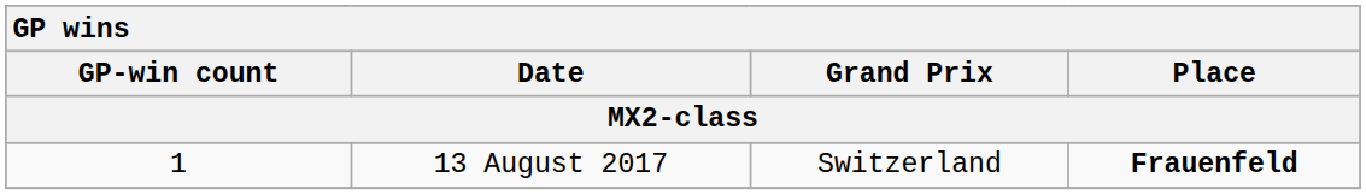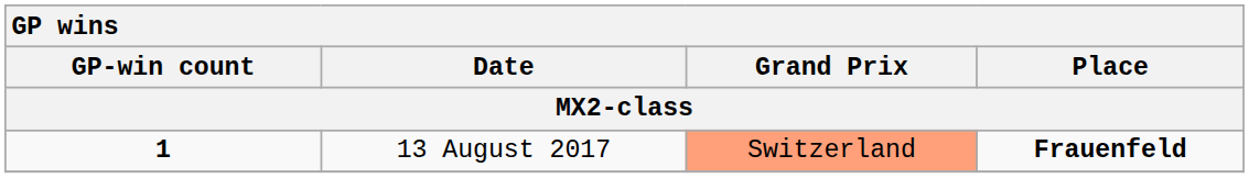 <table class="wikitable mw-collapsible mw-collapsed" style=" text-align:center; width:50%;">
 <tr>
 <th style="text-align:left;" colspan = 10>GP wins</th>
 </tr>
 <tr>
 <th>GP-win count</th>
 <th>Date</th>
 <th>Grand Prix</th>
 <th>Place</th>
 </tr>
 <tr>
 <th Colspan=4>MX2-class</th>
 </tr>
 <tr>
-<td>1</td>
+<td><strong>1</strong></td>
 <td>13 August 2017</td>
-<td>Switzerland</td>
+<td style="background: lightsalmon;">Switzerland</td>
 <td><strong>Frauenfeld</strong></td>
 </tr>
 <tr>
 </tr>
 </table>
